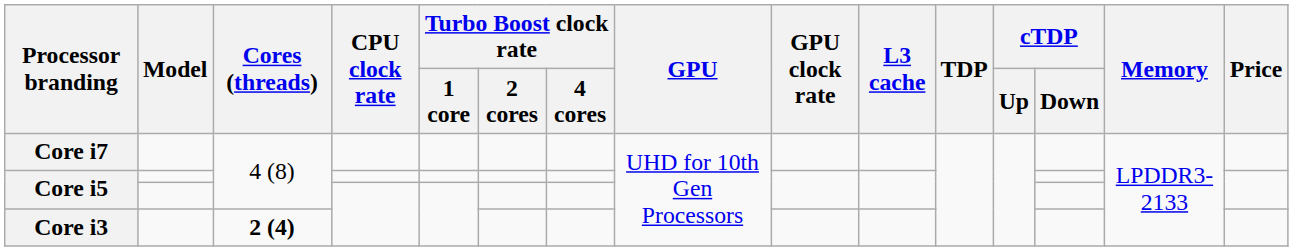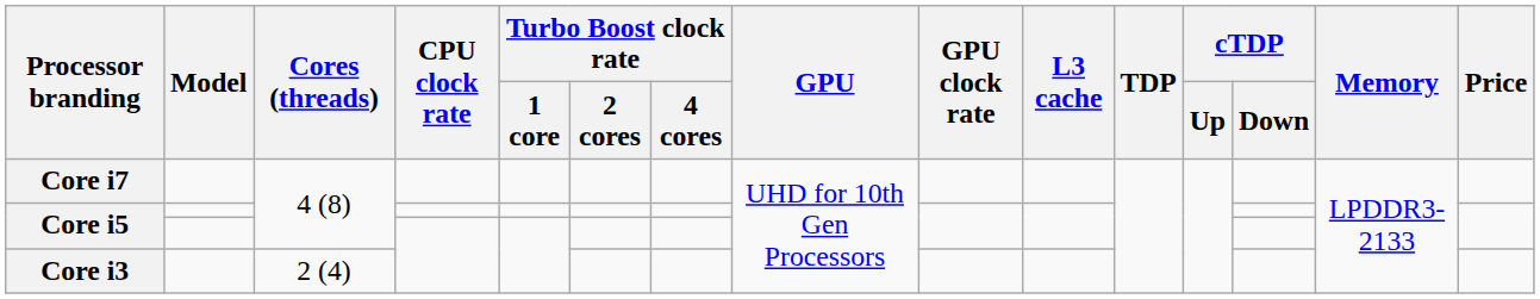 <table class="wikitable sortable mw-collapsible" style="text-align: center;">
 <tr>
 <th rowspan="2" scope="col">Processor branding</th>
 <th rowspan="2" scope="col">Model</th>
 <th rowspan="2" scope="col"><a href='#'>Cores</a> (<a href='#'>threads</a>)</th>
 <th rowspan="2" scope="col">CPU <a href='#'>clock rate</a></th>
 <th colspan="3" scope="colgroup"><a href='#'>Turbo Boost</a> clock rate</th>
 <th rowspan="2" scope="col"><a href='#'>GPU</a></th>
 <th rowspan="2" scope="col"> GPU clock rate</th>
 <th rowspan="2" scope="col"><a href='#'>L3 cache</a></th>
 <th rowspan="2" scope="col">TDP</th>
 <th colspan="2" scope="colgroup"><a href='#'>cTDP</a></th>
 <th rowspan="2" scope="col"><a href='#'>Memory</a></th>
 <th rowspan="2" scope="col">Price</th>
 </tr>
 <tr>
 <th scope="col">1 core</th>
 <th scope="col">2 cores</th>
 <th scope="col">4 cores</th>
 <th scope="col">Up</th>
 <th scope="col">Down</th>
 </tr>
 <tr>
 <th scope="row">Core i7</th>
 <td></td>
 <td rowspan="3">4 (8)</td>
 <td></td>
 <td></td>
 <td></td>
 <td></td>
 <td rowspan="4"><a href='#'>UHD for 10th Gen Processors</a></td>
 <td></td>
 <td></td>
 <td rowspan="4"></td>
 <td rowspan="4"></td>
 <td></td>
 <td rowspan="4"><a href='#'>LPDDR3-2133</a></td>
 <td></td>
 </tr>
 <tr>
 <th rowspan="2" scope="row">Core i5</th>
 <td></td>
 <td></td>
 <td></td>
 <td></td>
 <td></td>
 <td rowspan="2"></td>
 <td rowspan="2"></td>
 <td></td>
 <td rowspan="2"></td>
 </tr>
 <tr>
 <td></td>
 <td rowspan="2"></td>
 <td rowspan="2"></td>
 <td></td>
 <td></td>
 <td></td>
 </tr>
 <tr>
 <th scope="row">Core i3</th>
 <td></td>
-<td><strong>2 (4)</strong></td>
+<td>2 (4)</td>
 <td></td>
 <td></td>
 <td></td>
 <td></td>
 <td></td>
 <td></td>
 </tr>
 </table>
